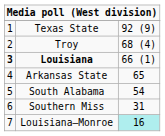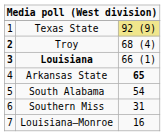 <table class="wikitable" style="display: inline-table;">
 <tr>
 <td align="center" Colspan="3"><strong>Media poll (West division)</strong></td>
 </tr>
 <tr align="center">
 </tr>
 <tr align="center">
 <td>1</td>
 <td>Texas State</td>
-<td>92 (9)</td>
+<td style="background: khaki;">92 (9)</td>
 </tr>
 <tr align="center">
-<td>2</td>
+<td><strong>2</strong></td>
 <td>Troy</td>
 <td>68 (4)</td>
 </tr>
 <tr align="center">
 <td><strong>3</strong></td>
 <td><strong>Louisiana</strong></td>
 <td>66 (1)</td>
 </tr>
 <tr align="center">
 <td>4</td>
 <td>Arkansas State</td>
-<td>65</td>
+<td><strong>65</strong></td>
 </tr>
 <tr align="center">
 <td>5</td>
 <td>South Alabama</td>
 <td>54</td>
 </tr>
 <tr align="center">
 <td>6</td>
 <td>Southern Miss</td>
 <td>31</td>
 </tr>
 <tr align="center">
 <td>7</td>
 <td>Louisiana–Monroe</td>
-<td style="background: paleturquoise;">16</td>
+<td>16</td>
 </tr>
 </table>
